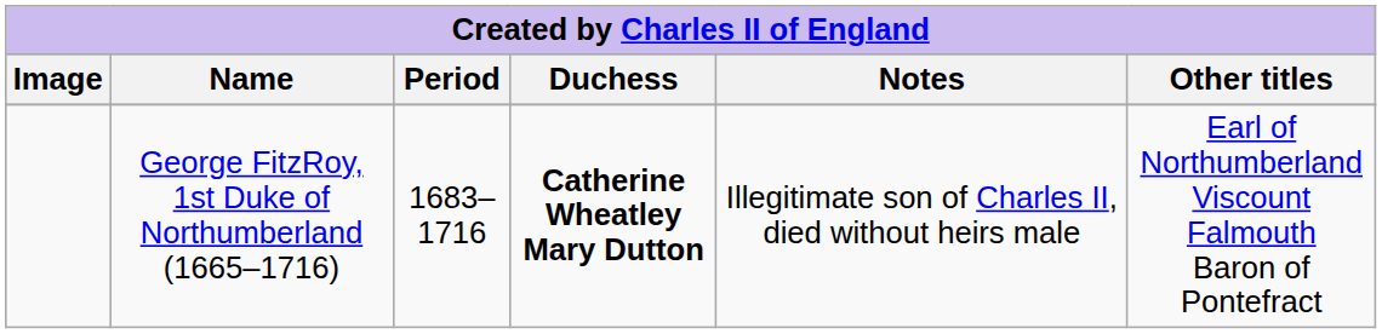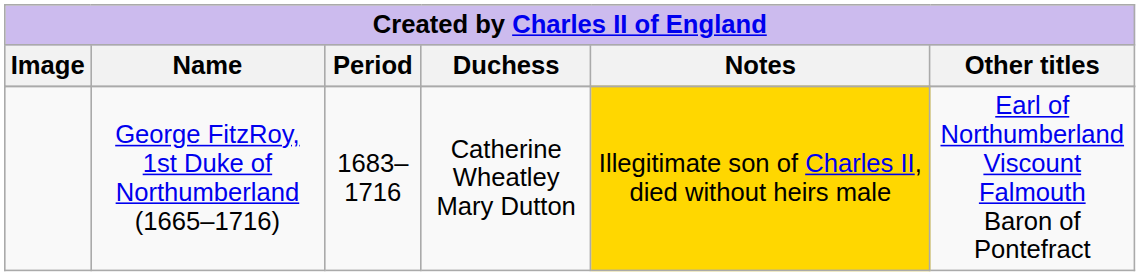 <table style="text-align:center; width:80%" class="wikitable">
 <tr>
 <th colspan="6" style="background-color: #cbe">Created by <a href='#'>Charles II of England</a></th>
 </tr>
 <tr>
 <th style="width:10%%">Image</th>
 <th>Name</th>
 <th>Period</th>
 <th style="width:15%">Duchess</th>
 <th style="width:30%">Notes</th>
 <th>Other titles</th>
 </tr>
 <tr bgcolor="#dddddd" |>
 </tr>
 <tr>
 <td></td>
 <td><a href='#'>George FitzRoy, 1st Duke of Northumberland</a><br>(1665–1716)</td>
 <td>1683–1716</td>
-<td><strong>Catherine Wheatley<br>Mary Dutton</strong></td>
-<td>Illegitimate son of <a href='#'>Charles II</a>, died without heirs male</td>
+<td>Catherine Wheatley<br>Mary Dutton</td>
+<td style="background: gold;">Illegitimate son of <a href='#'>Charles II</a>, died without heirs male</td>
 <td><a href='#'>Earl of Northumberland</a><br><a href='#'>Viscount Falmouth</a><br>Baron of Pontefract</td>
 </tr>
 </table>
